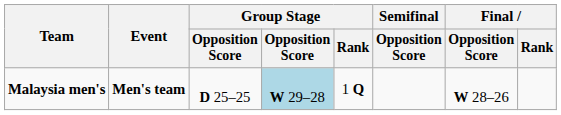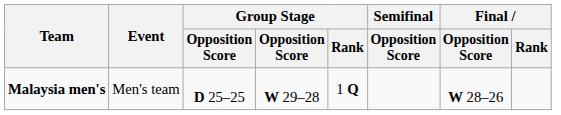 <table class="wikitable" style="font-size:90%">
 <tr>
 <th rowspan=2>Team</th>
 <th rowspan=2>Event</th>
 <th colspan=3>Group Stage</th>
 <th>Semifinal</th>
 <th colspan=2>Final / </th>
 </tr>
 <tr style="font-size:95%">
 <th>Opposition<br>Score</th>
 <th>Opposition<br>Score</th>
 <th>Rank</th>
 <th>Opposition<br>Score</th>
 <th>Opposition<br>Score</th>
 <th>Rank</th>
 </tr>
 <tr align=center>
 <td align=left><strong>Malaysia men's</strong></td>
-<td align=left><strong>Men's team</strong></td>
+<td align=left>Men's team</td>
 <td><br><strong>D</strong> 25–25</td>
-<td style="background: lightblue;"><br><strong>W</strong> 29–28</td>
+<td><br><strong>W</strong> 29–28</td>
 <td>1 <strong>Q</strong></td>
 <td></td>
 <td><br><strong>W</strong> 28–26</td>
 <td></td>
 </tr>
 </table>
